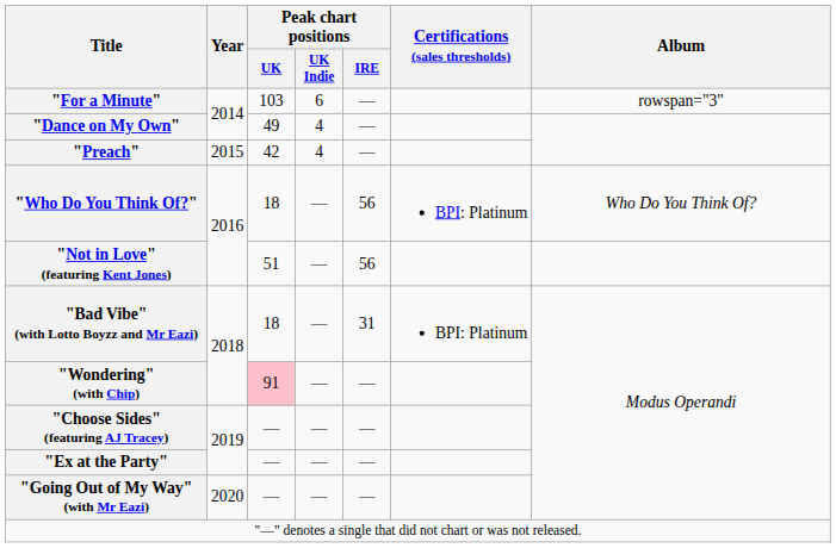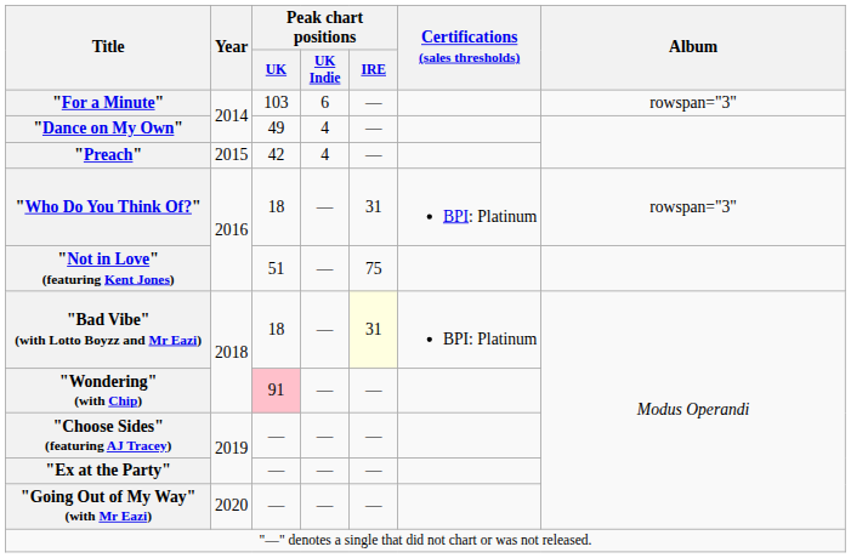 <table class="wikitable plainrowheaders" style="text-align:center;">
 <tr>
 <th scope="col" rowspan="2" style="width:12em;">Title</th>
 <th scope="col" rowspan="2" style="width:1em;">Year</th>
 <th scope="col" colspan="3">Peak chart positions</th>
 <th rowspan="2"><a href='#'>Certifications</a><br><small><a href='#'>(sales thresholds)</a></small></th>
 <th scope="col" rowspan="2" style="width:18em;">Album</th>
 </tr>
 <tr>
 <th style="width:3em;font-size:85%"><a href='#'>UK</a><br></th>
 <th style="width:3em;font-size:85%"><a href='#'>UK<br>Indie</a><br></th>
 <th style="width:3em;font-size:85%"><a href='#'>IRE</a><br></th>
 </tr>
 <tr>
 <th scope="row">"<a href='#'>For a Minute</a>"</th>
 <td rowspan="2">2014</td>
 <td>103</td>
 <td>6</td>
 <td>—</td>
 <td></td>
 <td>rowspan="3" </td>
 </tr>
 <tr>
 <th scope="row">"<a href='#'>Dance on My Own</a>"</th>
 <td>49</td>
 <td>4</td>
 <td>—</td>
 <td></td>
 </tr>
 <tr>
 <th scope="row">"<a href='#'>Preach</a>"</th>
 <td>2015</td>
 <td>42</td>
 <td>4</td>
 <td>—</td>
 <td></td>
 </tr>
 <tr>
 <th scope="row">"<a href='#'>Who Do You Think Of?</a>"</th>
 <td rowspan="2">2016</td>
 <td>18</td>
 <td>—</td>
-<td>56</td>
+<td>31</td>
 <td><br><ul><li><a href='#'>BPI</a>: Platinum</li></ul></td>
-<td><em>Who Do You Think Of?</em></td>
+<td>rowspan="3" </td>
 </tr>
 <tr>
 <th scope="row">"<a href='#'>Not in Love</a>"<br><small>(featuring <a href='#'>Kent Jones</a>)</small></th>
 <td>51</td>
 <td>—</td>
-<td>56</td>
+<td>75</td>
 <td></td>
 <td></td>
 </tr>
 <tr>
 <th scope="row">"Bad Vibe"<br><small>(with Lotto Boyzz and <a href='#'>Mr Eazi</a>)</small></th>
 <td rowspan="2">2018</td>
 <td>18</td>
 <td>—</td>
-<td>31</td>
+<td style="background: lightyellow;">31</td>
 <td><br><ul><li>BPI: Platinum</li></ul></td>
 <td rowspan="5"><em>Modus Operandi</em></td>
 </tr>
 <tr>
 <th scope="row">"Wondering"<br><small>(with <a href='#'>Chip</a>)</small></th>
 <td style="background: pink;">91</td>
 <td>—</td>
 <td>—</td>
 <td></td>
 </tr>
 <tr>
 <th scope="row">"Choose Sides"<br><small>(featuring <a href='#'>AJ Tracey</a>)</small></th>
 <td rowspan="2">2019</td>
 <td>—</td>
 <td>—</td>
 <td>—</td>
 <td></td>
 </tr>
 <tr>
 <th scope="row">"Ex at the Party"</th>
 <td>—</td>
 <td>—</td>
 <td>—</td>
 <td></td>
 </tr>
 <tr>
 <th scope="row">"Going Out of My Way"<br><small>(with <a href='#'>Mr Eazi</a>)</small></th>
 <td>2020</td>
 <td>—</td>
 <td>—</td>
 <td>—</td>
 <td></td>
 </tr>
 <tr>
 <td colspan="19" style="text-align:center; font-size:85%;">"—" denotes a single that did not chart or was not released.</td>
 </tr>
 </table>
